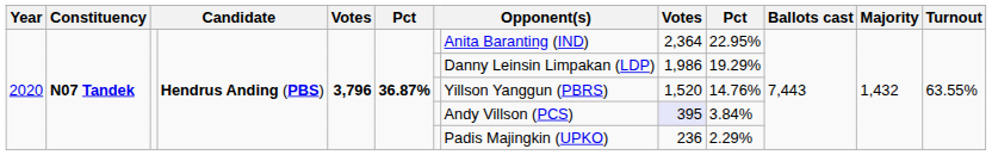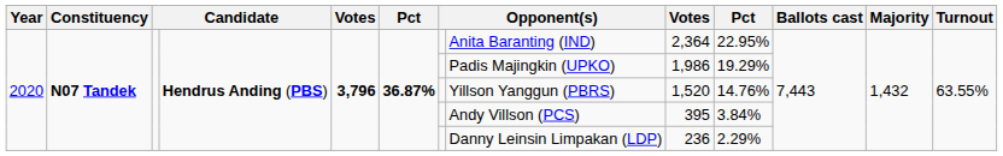 <table class="wikitable" style="margin:0.5em ; font-size:95%">
 <tr>
 <th>Year</th>
 <th>Constituency</th>
 <th colspan=2>Candidate</th>
 <th>Votes</th>
 <th>Pct</th>
 <th colspan=2>Opponent(s)</th>
 <th>Votes</th>
 <th>Pct</th>
 <th>Ballots cast</th>
 <th>Majority</th>
 <th>Turnout</th>
 </tr>
 <tr>
 <td rowspan=5><a href='#'>2020</a></td>
 <td rowspan=5><strong>N07 <a href='#'>Tandek</a></strong></td>
 <td rowspan=5 ></td>
 <td rowspan=5><strong>Hendrus Anding</strong> (<a href='#'><strong>PBS</strong></a>)</td>
 <td rowspan=5 align="right"><strong>3,796</strong></td>
 <td rowspan=5><strong>36.87%</strong></td>
 <td></td>
 <td><a href='#'>Anita Baranting</a> (<a href='#'>IND</a>)</td>
 <td align="right">2,364</td>
 <td>22.95%</td>
 <td rowspan=5>7,443</td>
 <td rowspan=5>1,432</td>
 <td rowspan=5>63.55%</td>
 </tr>
 <tr>
 <td></td>
-<td>Danny Leinsin Limpakan (<a href='#'>LDP</a>)</td>
+<td>Padis Majingkin (<a href='#'>UPKO</a>)</td>
 <td align="right">1,986</td>
 <td>19.29%</td>
 </tr>
 <tr>
 <td></td>
 <td>Yillson Yanggun (<a href='#'>PBRS</a>)</td>
 <td align="right">1,520</td>
 <td>14.76%</td>
 </tr>
 <tr>
 <td></td>
 <td>Andy Villson (<a href='#'>PCS</a>)</td>
-<td align="right" style="background: lavender;">395</td>
+<td align="right">395</td>
 <td>3.84%</td>
 </tr>
 <tr>
 <td bgcolor=></td>
-<td>Padis Majingkin (<a href='#'>UPKO</a>)</td>
+<td>Danny Leinsin Limpakan (<a href='#'>LDP</a>)</td>
 <td align="right">236</td>
 <td>2.29%</td>
 </tr>
 </table>
